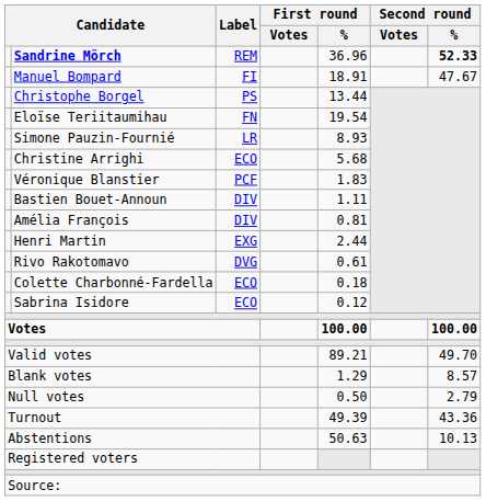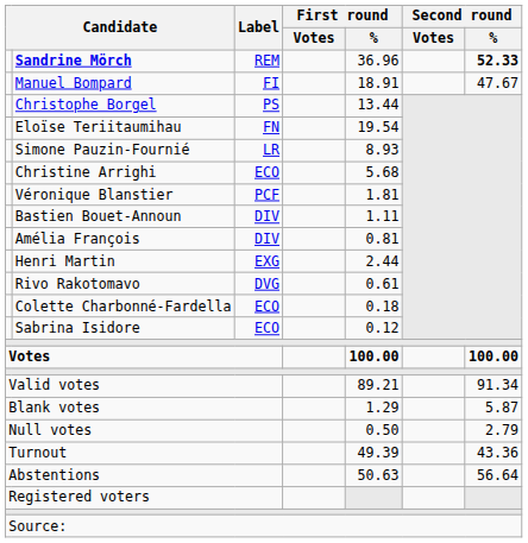 <table class="wikitable" style="text-align:right;font-size:95%;">
 <tr>
 <th rowspan="2" colspan="2">Candidate</th>
 <th rowspan="2">Label</th>
 <th colspan="2">First round</th>
 <th colspan="2">Second round</th>
 </tr>
 <tr>
 <th style="width:50px;">Votes</th>
 <th style="width:45px;">%</th>
 <th style="width:50px;">Votes</th>
 <th style="width:45px;">%</th>
 </tr>
 <tr>
 <td style="color:inherit;background:"></td>
 <td style="text-align:left;"><strong><a href='#'>Sandrine Mörch</a></strong></td>
 <td><a href='#'>REM</a></td>
 <td></td>
 <td>36.96</td>
 <td><strong></strong></td>
 <td><strong>52.33</strong></td>
 </tr>
 <tr>
 <td style="color:inherit;background:"></td>
 <td style="text-align:left;"><a href='#'>Manuel Bompard</a></td>
 <td><a href='#'>FI</a></td>
 <td></td>
 <td>18.91</td>
 <td></td>
 <td>47.67</td>
 </tr>
 <tr>
 <td style="color:inherit;background:"></td>
 <td style="text-align:left;"><a href='#'>Christophe Borgel</a></td>
 <td><a href='#'>PS</a></td>
 <td></td>
 <td>13.44</td>
 <td colspan="2" rowspan="11" style="background:#E9E9E9;"></td>
 </tr>
 <tr>
 <td style="color:inherit;background:"></td>
 <td style="text-align:left;">Eloïse Teriitaumihau</td>
 <td><a href='#'>FN</a></td>
 <td></td>
 <td>19.54</td>
 </tr>
 <tr>
 <td style="color:inherit;background:"></td>
 <td style="text-align:left;">Simone Pauzin-Fournié</td>
 <td><a href='#'>LR</a></td>
 <td></td>
 <td>8.93</td>
 </tr>
 <tr>
 <td style="color:inherit;background:"></td>
 <td style="text-align:left;">Christine Arrighi</td>
 <td><a href='#'>ECO</a></td>
 <td></td>
 <td>5.68</td>
 </tr>
 <tr>
 <td style="color:inherit;background:"></td>
 <td style="text-align:left;">Véronique Blanstier</td>
 <td><a href='#'>PCF</a></td>
 <td></td>
-<td>1.83</td>
+<td>1.81</td>
 </tr>
 <tr>
 <td style="color:inherit;background:"></td>
 <td style="text-align:left;">Bastien Bouet-Announ</td>
 <td><a href='#'>DIV</a></td>
 <td></td>
 <td>1.11</td>
 </tr>
 <tr>
 <td style="color:inherit;background:"></td>
 <td style="text-align:left;">Amélia François</td>
 <td><a href='#'>DIV</a></td>
 <td></td>
 <td>0.81</td>
 </tr>
 <tr>
 <td style="color:inherit;background:"></td>
 <td style="text-align:left;">Henri Martin</td>
 <td><a href='#'>EXG</a></td>
 <td></td>
 <td>2.44</td>
 </tr>
 <tr>
 <td style="color:inherit;background:"></td>
 <td style="text-align:left;">Rivo Rakotomavo</td>
 <td><a href='#'>DVG</a></td>
 <td></td>
 <td>0.61</td>
 </tr>
 <tr>
 <td style="color:inherit;background:"></td>
 <td style="text-align:left;">Colette Charbonné-Fardella</td>
 <td><a href='#'>ECO</a></td>
 <td></td>
 <td>0.18</td>
 </tr>
 <tr>
 <td style="color:inherit;background:"></td>
 <td style="text-align:left;">Sabrina Isidore</td>
 <td><a href='#'>ECO</a></td>
 <td></td>
 <td>0.12</td>
 </tr>
 <tr>
 <td colspan="7" style="background:#E9E9E9;"></td>
 </tr>
 <tr style="font-weight:bold;">
 <td colspan="3" style="text-align:left;">Votes</td>
 <td></td>
 <td>100.00</td>
 <td></td>
 <td>100.00</td>
 </tr>
 <tr>
 <td colspan="7" style="background:#E9E9E9;"></td>
 </tr>
 <tr>
 <td colspan="3" style="text-align:left;">Valid votes</td>
 <td></td>
 <td>89.21</td>
 <td></td>
-<td>49.70</td>
+<td>91.34</td>
 </tr>
 <tr>
 <td colspan="3" style="text-align:left;">Blank votes</td>
 <td></td>
 <td>1.29</td>
 <td></td>
-<td>8.57</td>
+<td>5.87</td>
 </tr>
 <tr>
 <td colspan="3" style="text-align:left;">Null votes</td>
 <td></td>
 <td>0.50</td>
 <td></td>
 <td>2.79</td>
 </tr>
 <tr>
 <td colspan="3" style="text-align:left;">Turnout</td>
 <td></td>
 <td>49.39</td>
 <td></td>
 <td>43.36</td>
 </tr>
 <tr>
 <td colspan="3" style="text-align:left;">Abstentions</td>
 <td></td>
 <td>50.63</td>
 <td></td>
-<td>10.13</td>
+<td>56.64</td>
 </tr>
 <tr>
 <td colspan="3" style="text-align:left;">Registered voters</td>
 <td></td>
 <td style="color:inherit;background:#E9E9E9;"></td>
 <td></td>
 <td style="color:inherit;background:#E9E9E9;"></td>
 </tr>
 <tr>
 <td colspan="7" style="background:#E9E9E9;"></td>
 </tr>
 <tr>
 <td colspan="7" style="text-align:left;">Source: </td>
 </tr>
 </table>
